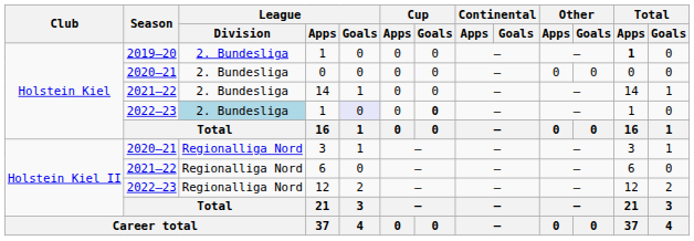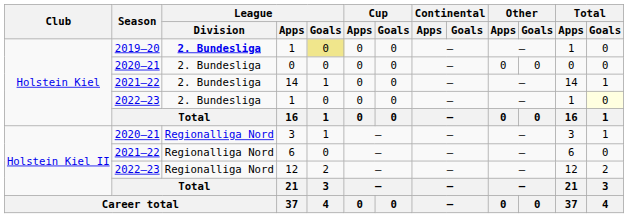 <table class="wikitable" style="text-align:center">
 <tr>
 <th rowspan="2">Club</th>
 <th rowspan="2">Season</th>
 <th colspan="3">League</th>
 <th colspan="2">Cup</th>
 <th colspan="2">Continental</th>
 <th colspan="2">Other</th>
 <th colspan="2">Total</th>
 </tr>
 <tr>
 <th>Division</th>
 <th>Apps</th>
 <th>Goals</th>
 <th>Apps</th>
 <th>Goals</th>
 <th>Apps</th>
 <th>Goals</th>
 <th>Apps</th>
 <th>Goals</th>
 <th>Apps</th>
 <th>Goals</th>
 </tr>
 <tr>
 <td rowspan="5"><a href='#'>Holstein Kiel</a></td>
 <td><a href='#'>2019–20</a></td>
-<td><a href='#'>2. Bundesliga</a></td>
+<td><strong><a href='#'>2. Bundesliga</a></strong></td>
 <td>1</td>
-<td>0</td>
+<td style="background: khaki;">0</td>
 <td>0</td>
 <td>0</td>
 <td colspan="2">—</td>
 <td colspan="2">—</td>
-<td><strong>1</strong></td>
+<td>1</td>
 <td>0</td>
 </tr>
 <tr>
 <td><a href='#'>2020–21</a></td>
 <td>2. Bundesliga</td>
 <td>0</td>
 <td>0</td>
 <td>0</td>
 <td>0</td>
 <td colspan="2">—</td>
 <td>0</td>
 <td>0</td>
 <td>0</td>
 <td>0</td>
 </tr>
 <tr>
 <td><a href='#'>2021–22</a></td>
 <td>2. Bundesliga</td>
 <td>14</td>
 <td>1</td>
 <td>0</td>
 <td>0</td>
 <td colspan="2">—</td>
 <td colspan="2">—</td>
 <td>14</td>
 <td>1</td>
 </tr>
 <tr>
 <td><a href='#'>2022–23</a></td>
-<td style="background: lightblue;">2. Bundesliga</td>
+<td>2. Bundesliga</td>
 <td>1</td>
-<td style="background: lavender;">0</td>
 <td>0</td>
-<td><strong>0</strong></td>
+<td>0</td>
+<td>0</td>
 <td colspan="2">—</td>
 <td colspan="2">—</td>
 <td>1</td>
-<td>0</td>
+<td style="background: lightyellow;">0</td>
 </tr>
 <tr>
 <th colspan="2">Total</th>
 <th>16</th>
 <th>1</th>
 <th>0</th>
 <th>0</th>
 <th colspan="2">—</th>
 <th>0</th>
 <th>0</th>
 <th>16</th>
 <th>1</th>
 </tr>
 <tr>
 <td rowspan="4"><a href='#'>Holstein Kiel II</a></td>
 <td><a href='#'>2020–21</a></td>
 <td><a href='#'>Regionalliga Nord</a></td>
 <td>3</td>
 <td>1</td>
 <td colspan="2">—</td>
 <td colspan="2">—</td>
 <td colspan="2">—</td>
 <td>3</td>
 <td>1</td>
 </tr>
 <tr>
 <td><a href='#'>2021–22</a></td>
 <td>Regionalliga Nord</td>
 <td>6</td>
 <td>0</td>
 <td colspan="2">—</td>
 <td colspan="2">—</td>
 <td colspan="2">—</td>
 <td>6</td>
 <td>0</td>
 </tr>
 <tr>
 <td><a href='#'>2022–23</a></td>
 <td>Regionalliga Nord</td>
 <td>12</td>
 <td>2</td>
 <td colspan="2">—</td>
 <td colspan="2">—</td>
 <td colspan="2">—</td>
 <td>12</td>
 <td>2</td>
 </tr>
 <tr>
 <th colspan="2">Total</th>
 <th>21</th>
 <th>3</th>
 <th colspan="2">—</th>
 <th colspan="2">—</th>
 <th colspan="2">—</th>
 <th>21</th>
 <th>3</th>
 </tr>
 <tr>
 <th colspan="3">Career total</th>
 <th>37</th>
 <th>4</th>
 <th>0</th>
 <th>0</th>
 <th colspan="2">—</th>
 <th>0</th>
 <th>0</th>
 <th>37</th>
 <th>4</th>
 </tr>
 </table>
